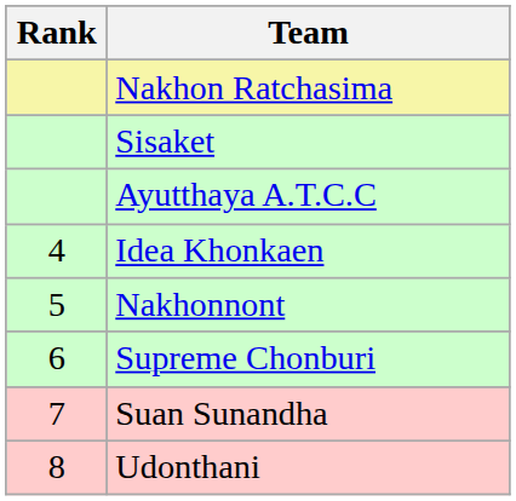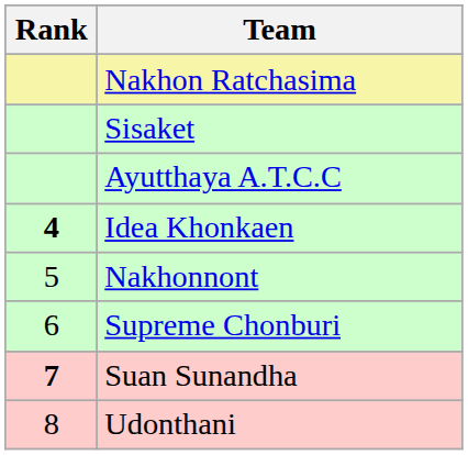 <table class="wikitable" style="text-align: center;">
 <tr>
 <th width=40>Rank</th>
 <th width=180>Team</th>
 </tr>
 <tr bgcolor=#F7f6a8>
 <td></td>
 <td align="left"><a href='#'>Nakhon Ratchasima</a></td>
 </tr>
 <tr bgcolor=#CCFFCC>
 <td></td>
 <td align="left"><a href='#'>Sisaket</a></td>
 </tr>
 <tr bgcolor=#CCFFCC>
 <td></td>
 <td align="left"><a href='#'>Ayutthaya A.T.C.C</a></td>
 </tr>
 <tr bgcolor=#CCFFCC>
-<td>4</td>
+<td><strong>4</strong></td>
 <td align="left"><a href='#'>Idea Khonkaen</a></td>
 </tr>
 <tr bgcolor=#CCFFCC>
 <td>5</td>
 <td align="left"><a href='#'>Nakhonnont</a></td>
 </tr>
 <tr bgcolor=#CCFFCC>
 <td>6</td>
 <td align="left"><a href='#'>Supreme Chonburi</a></td>
 </tr>
 <tr bgcolor=#ffcccc>
-<td>7</td>
+<td><strong>7</strong></td>
 <td align="left">Suan Sunandha</td>
 </tr>
 <tr bgcolor=#ffcccc>
 <td>8</td>
 <td align="left">Udonthani</td>
 </tr>
 </table>
